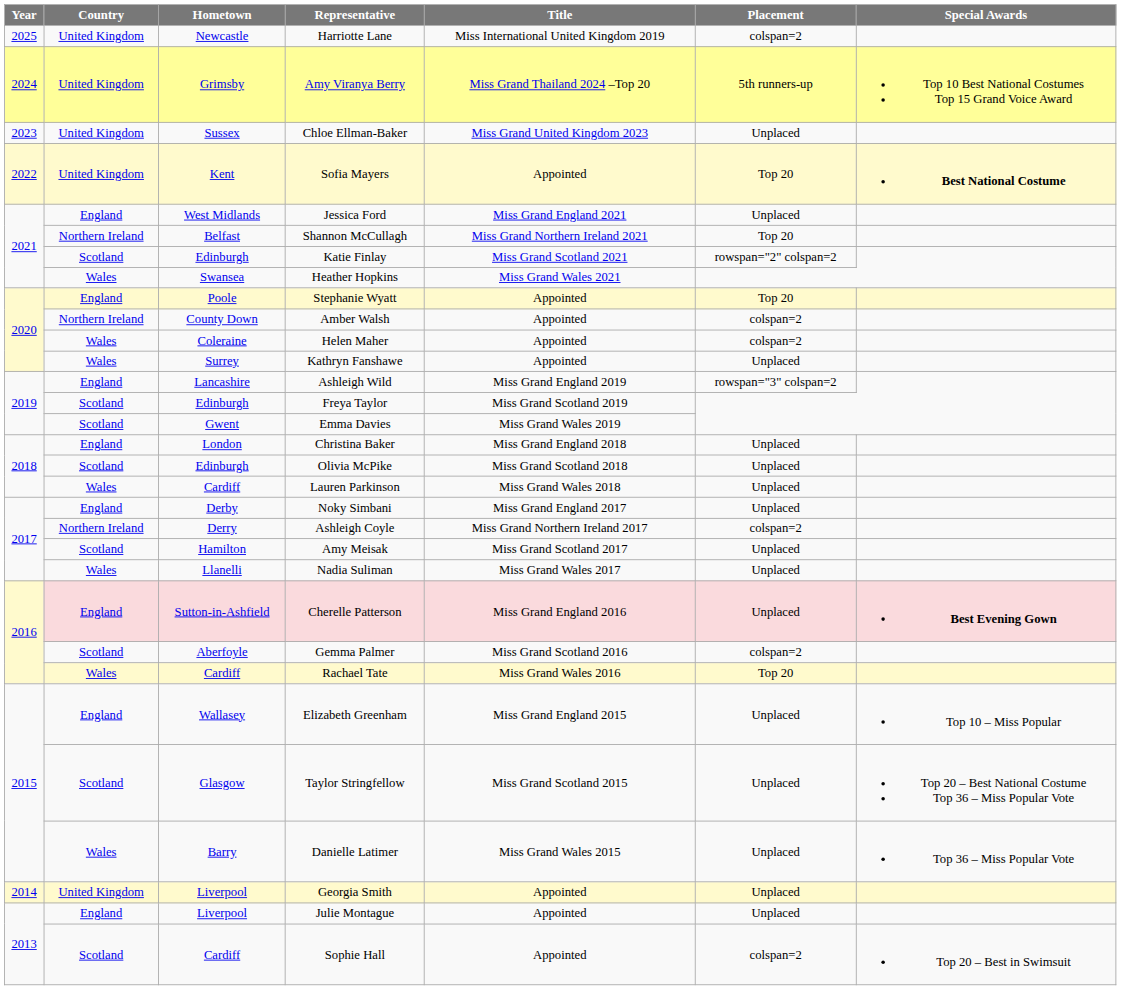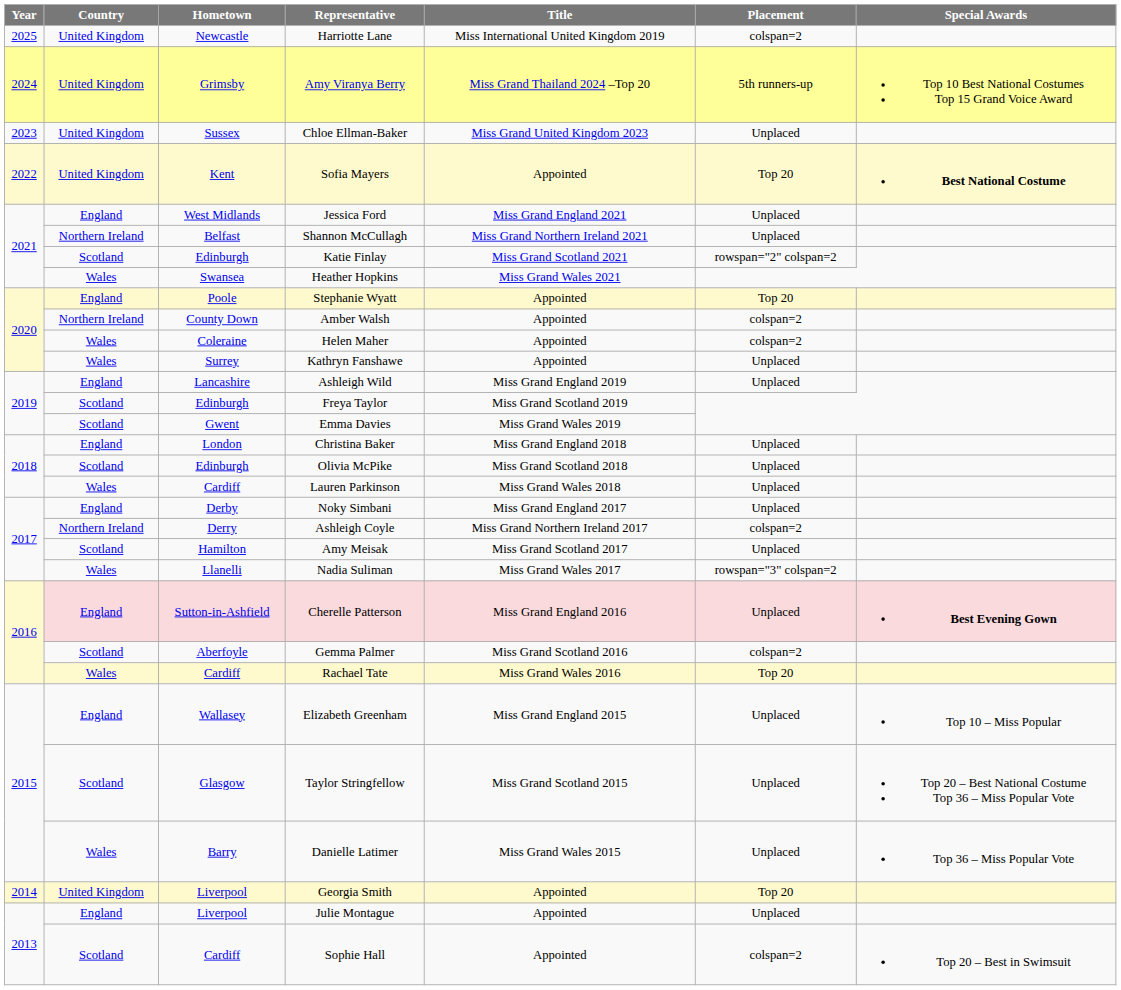 <table class="wikitable" style="font-size: 90%; text-align:center; width:100%">
 <tr>
 <th style="background-color:#787878;color:#FFFFFF;">Year</th>
 <th style="background-color:#787878;color:#FFFFFF;">Country</th>
 <th style="background-color:#787878;color:#FFFFFF;">Hometown</th>
 <th style="background-color:#787878;color:#FFFFFF;">Representative</th>
 <th style="background-color:#787878;color:#FFFFFF;">Title</th>
 <th style="background-color:#787878;color:#FFFFFF;">Placement</th>
 <th style="background-color:#787878;color:#FFFFFF;">Special Awards</th>
 </tr>
 <tr>
 <td><a href='#'>2025</a></td>
 <td><a href='#'>United Kingdom</a></td>
 <td><a href='#'>Newcastle</a></td>
 <td>Harriotte Lane</td>
 <td>Miss International United Kingdom 2019</td>
 <td>colspan=2 </td>
 </tr>
 <tr bgcolor=#FFFF99>
 <td><a href='#'>2024</a></td>
 <td><a href='#'>United Kingdom</a></td>
 <td><a href='#'>Grimsby</a></td>
 <td><a href='#'>Amy Viranya Berry</a></td>
 <td><a href='#'>Miss Grand Thailand 2024</a> –Top 20</td>
 <td>5th runners-up</td>
 <td><br><ul><li>Top 10 Best National Costumes</li><li>Top 15 Grand Voice Award</li></ul></td>
 </tr>
 <tr>
 <td><a href='#'>2023</a></td>
 <td><a href='#'>United Kingdom</a></td>
 <td><a href='#'>Sussex</a></td>
 <td>Chloe Ellman-Baker</td>
 <td><a href='#'>Miss Grand United Kingdom 2023</a></td>
 <td>Unplaced</td>
 <td></td>
 </tr>
 <tr bgcolor=#FFFACD>
 <td><a href='#'>2022</a></td>
 <td><a href='#'>United Kingdom</a></td>
 <td><a href='#'>Kent</a></td>
 <td>Sofia Mayers</td>
 <td>Appointed</td>
 <td>Top 20</td>
 <td><br><ul><li><strong>Best National Costume</strong></li></ul></td>
 </tr>
 <tr>
 <td rowspan="4"><a href='#'>2021</a></td>
 <td><a href='#'>England</a></td>
 <td><a href='#'>West Midlands</a></td>
 <td>Jessica Ford</td>
 <td><a href='#'>Miss Grand England 2021</a></td>
 <td>Unplaced</td>
 </tr>
 <tr>
 <td><a href='#'>Northern Ireland</a></td>
 <td><a href='#'>Belfast</a></td>
 <td>Shannon McCullagh</td>
 <td><a href='#'>Miss Grand Northern Ireland 2021</a></td>
-<td>Top 20</td>
+<td>Unplaced</td>
 <td></td>
 </tr>
 <tr>
 <td><a href='#'>Scotland</a></td>
 <td><a href='#'>Edinburgh</a></td>
 <td>Katie Finlay</td>
 <td><a href='#'>Miss Grand Scotland 2021</a></td>
 <td>rowspan="2" colspan=2 </td>
 </tr>
 <tr>
 <td><a href='#'>Wales</a></td>
 <td><a href='#'>Swansea</a></td>
 <td>Heather Hopkins</td>
 <td><a href='#'>Miss Grand Wales 2021</a></td>
 </tr>
 <tr bgcolor=#FFFACD>
 <td rowspan="4"><a href='#'>2020</a></td>
 <td><a href='#'>England</a></td>
 <td><a href='#'>Poole</a></td>
 <td>Stephanie Wyatt</td>
 <td>Appointed</td>
 <td>Top 20</td>
 <td></td>
 </tr>
 <tr>
 <td><a href='#'>Northern Ireland</a></td>
 <td><a href='#'>County Down</a></td>
 <td>Amber Walsh</td>
 <td>Appointed</td>
 <td>colspan=2 </td>
 </tr>
 <tr>
 <td><a href='#'>Wales</a></td>
 <td><a href='#'>Coleraine</a></td>
 <td>Helen Maher</td>
 <td>Appointed</td>
 <td>colspan=2 </td>
 <td></td>
 </tr>
 <tr>
 <td><a href='#'>Wales</a></td>
 <td><a href='#'>Surrey</a></td>
 <td>Kathryn Fanshawe</td>
 <td>Appointed</td>
 <td>Unplaced</td>
 <td></td>
 </tr>
 <tr>
 <td rowspan="3"><a href='#'>2019</a></td>
 <td><a href='#'>England</a></td>
 <td><a href='#'>Lancashire</a></td>
 <td>Ashleigh Wild</td>
 <td>Miss Grand England 2019</td>
-<td>rowspan="3" colspan=2 </td>
+<td>Unplaced</td>
 </tr>
 <tr>
 <td><a href='#'>Scotland</a></td>
 <td><a href='#'>Edinburgh</a></td>
 <td>Freya Taylor</td>
 <td>Miss Grand Scotland 2019</td>
 </tr>
 <tr>
 <td><a href='#'>Scotland</a></td>
 <td><a href='#'>Gwent</a></td>
 <td>Emma Davies</td>
 <td>Miss Grand Wales 2019</td>
 </tr>
 <tr>
 <td rowspan="3"><a href='#'>2018</a></td>
 <td><a href='#'>England</a></td>
 <td><a href='#'>London</a></td>
 <td>Christina Baker</td>
 <td>Miss Grand England 2018</td>
 <td>Unplaced</td>
 <td></td>
 </tr>
 <tr>
 <td><a href='#'>Scotland</a></td>
 <td><a href='#'>Edinburgh</a></td>
 <td>Olivia McPike</td>
 <td>Miss Grand Scotland 2018</td>
 <td>Unplaced</td>
 <td></td>
 </tr>
 <tr>
 <td><a href='#'>Wales</a></td>
 <td><a href='#'>Cardiff</a></td>
 <td>Lauren Parkinson</td>
 <td>Miss Grand Wales 2018</td>
 <td>Unplaced</td>
 <td></td>
 </tr>
 <tr>
 <td rowspan="4"><a href='#'>2017</a></td>
 <td><a href='#'>England</a></td>
 <td><a href='#'>Derby</a></td>
 <td>Noky Simbani</td>
 <td>Miss Grand England 2017</td>
 <td>Unplaced</td>
 <td></td>
 </tr>
 <tr>
 <td><a href='#'>Northern Ireland</a></td>
 <td><a href='#'>Derry</a></td>
 <td>Ashleigh Coyle</td>
 <td>Miss Grand Northern Ireland 2017</td>
 <td>colspan=2 </td>
 </tr>
 <tr>
 <td><a href='#'>Scotland</a></td>
 <td><a href='#'>Hamilton</a></td>
 <td>Amy Meisak</td>
 <td>Miss Grand Scotland 2017</td>
 <td>Unplaced</td>
 <td></td>
 </tr>
 <tr>
 <td><a href='#'>Wales</a></td>
 <td><a href='#'>Llanelli</a></td>
 <td>Nadia Suliman</td>
 <td>Miss Grand Wales 2017</td>
-<td>Unplaced</td>
+<td>rowspan="3" colspan=2 </td>
 <td></td>
 </tr>
 <tr>
 <td bgcolor=#FFFACD rowspan="3"><a href='#'>2016</a></td>
 <td bgcolor=#FADADD><a href='#'>England</a></td>
 <td bgcolor=#FADADD><a href='#'>Sutton-in-Ashfield</a></td>
 <td bgcolor=#FADADD>Cherelle Patterson</td>
 <td bgcolor=#FADADD>Miss Grand England 2016</td>
 <td bgcolor=#FADADD>Unplaced</td>
 <td bgcolor=#FADADD><br><ul><li><strong>Best Evening Gown</strong></li></ul></td>
 </tr>
 <tr>
 <td><a href='#'>Scotland</a></td>
 <td><a href='#'>Aberfoyle</a></td>
 <td>Gemma Palmer</td>
 <td>Miss Grand Scotland 2016</td>
 <td>colspan=2 </td>
 <td></td>
 </tr>
 <tr bgcolor=#FFFACD>
 <td><a href='#'>Wales</a></td>
 <td><a href='#'>Cardiff</a></td>
 <td>Rachael Tate</td>
 <td>Miss Grand Wales 2016</td>
 <td>Top 20</td>
 <td></td>
 </tr>
 <tr>
 <td rowspan="3"><a href='#'>2015</a></td>
 <td><a href='#'>England</a></td>
 <td><a href='#'>Wallasey</a></td>
 <td>Elizabeth Greenham</td>
 <td>Miss Grand England 2015</td>
 <td>Unplaced</td>
 <td><br><ul><li>Top 10 – Miss Popular</li></ul></td>
 </tr>
 <tr>
 <td><a href='#'>Scotland</a></td>
 <td><a href='#'>Glasgow</a></td>
 <td>Taylor Stringfellow</td>
 <td>Miss Grand Scotland 2015</td>
 <td>Unplaced</td>
 <td><br><ul><li>Top 20 – Best National Costume</li><li>Top 36 – Miss Popular Vote</li></ul></td>
 </tr>
 <tr>
 <td><a href='#'>Wales</a></td>
 <td><a href='#'>Barry</a></td>
 <td>Danielle Latimer</td>
 <td>Miss Grand Wales 2015</td>
 <td>Unplaced</td>
 <td><br><ul><li>Top 36 – Miss Popular Vote</li></ul></td>
 </tr>
 <tr bgcolor=#FFFACD>
 <td><a href='#'>2014</a></td>
 <td><a href='#'>United Kingdom</a></td>
 <td><a href='#'>Liverpool</a></td>
 <td>Georgia Smith</td>
 <td>Appointed</td>
-<td>Unplaced</td>
+<td>Top 20</td>
 <td></td>
 </tr>
 <tr>
 <td rowspan="2"><a href='#'>2013</a></td>
 <td><a href='#'>England</a></td>
 <td><a href='#'>Liverpool</a></td>
 <td>Julie Montague</td>
 <td>Appointed</td>
 <td>Unplaced</td>
 <td></td>
 </tr>
 <tr>
 <td><a href='#'>Scotland</a></td>
 <td><a href='#'>Cardiff</a></td>
 <td>Sophie Hall</td>
 <td>Appointed</td>
 <td>colspan=2 </td>
 <td><br><ul><li>Top 20 – Best in Swimsuit</li></ul></td>
 </tr>
 </table>
